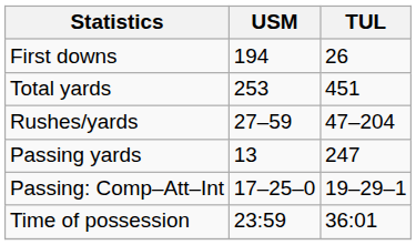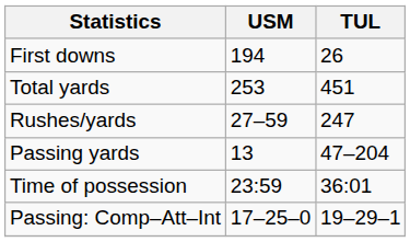 <table class="wikitable" style="float: left;">
 <tr>
 <th>Statistics</th>
 <th>USM</th>
 <th>TUL</th>
 </tr>
 <tr>
 <td>First downs</td>
 <td>194</td>
 <td>26</td>
 </tr>
 <tr>
 <td>Total yards</td>
 <td>253</td>
 <td>451</td>
 </tr>
 <tr>
 <td>Rushes/yards</td>
 <td>27–59</td>
-<td>47–204</td>
+<td>247</td>
 </tr>
 <tr>
 <td>Passing yards</td>
 <td>13</td>
-<td>247</td>
+<td>47–204</td>
+</tr>
+<tr>
+<td>Time of possession</td>
+<td>23:59</td>
+<td>36:01</td>
 </tr>
 <tr>
 <td>Passing: Comp–Att–Int</td>
 <td>17–25–0</td>
 <td>19–29–1</td>
 </tr>
 <tr>
-<td>Time of possession</td>
-<td>23:59</td>
-<td>36:01</td>
-</tr>
-<tr>
 </tr>
 </table>
